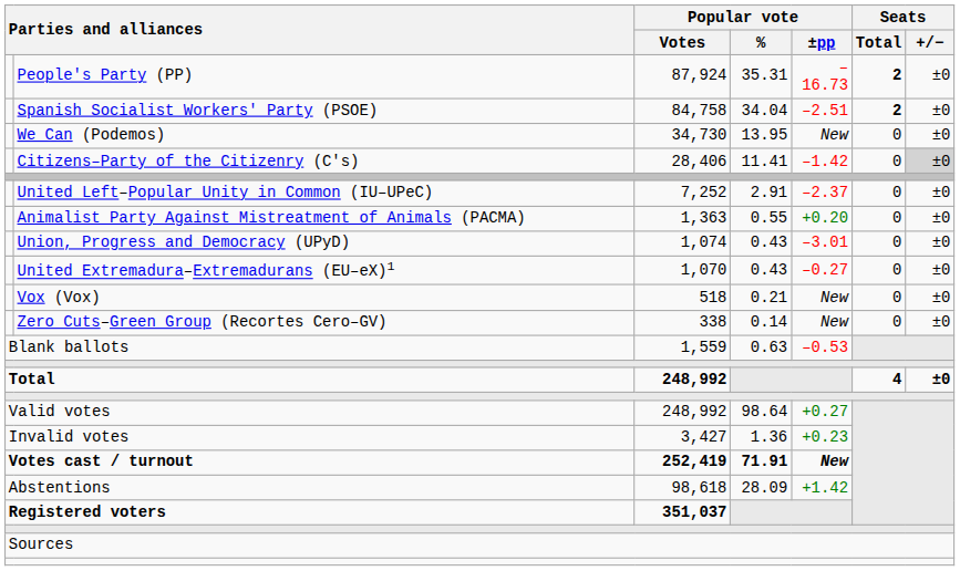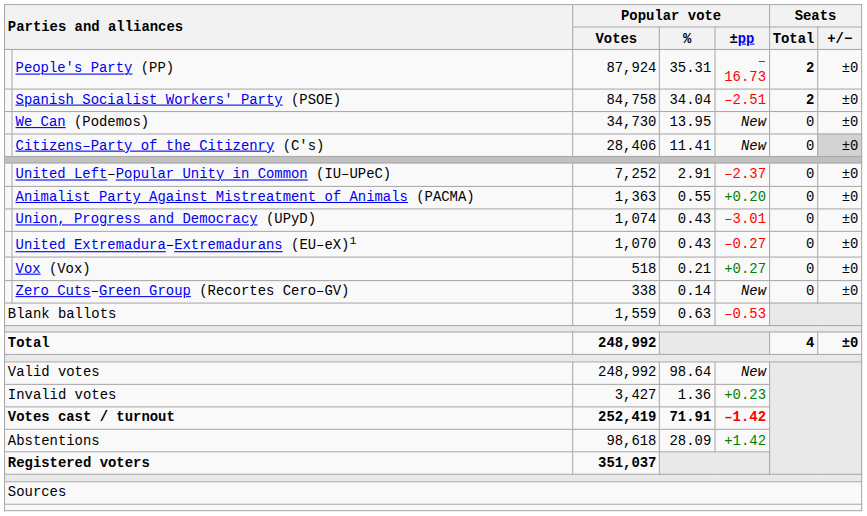 <table class="wikitable" style="text-align:right;">
 <tr>
 <th style="text-align:left;" rowspan="2" colspan="2" width="525">Parties and alliances</th>
 <th colspan="3">Popular vote</th>
 <th colspan="2">Seats</th>
 </tr>
 <tr>
 <th width="75">Votes</th>
 <th width="45">%</th>
 <th width="45">±<a href='#'>pp</a></th>
 <th width="35">Total</th>
 <th width="35">+/−</th>
 </tr>
 <tr>
 <td width="1" style="color:inherit;background:"></td>
 <td align="left"><a href='#'>People's Party</a> (PP)</td>
 <td>87,924</td>
 <td>35.31</td>
 <td style="color:red;">–16.73</td>
 <td><strong>2</strong></td>
 <td>±0</td>
 </tr>
 <tr>
 <td style="color:inherit;background:"></td>
 <td align="left"><a href='#'>Spanish Socialist Workers' Party</a> (PSOE)</td>
 <td>84,758</td>
 <td>34.04</td>
 <td style="color:red;">–2.51</td>
 <td><strong>2</strong></td>
 <td>±0</td>
 </tr>
 <tr>
 <td style="color:inherit;background:"></td>
 <td align="left"><a href='#'>We Can</a> (Podemos)</td>
 <td>34,730</td>
 <td>13.95</td>
 <td><em>New</em></td>
 <td>0</td>
 <td>±0</td>
 </tr>
 <tr>
 <td style="color:inherit;background:"></td>
 <td align="left"><a href='#'>Citizens–Party of the Citizenry</a> (C's)</td>
 <td>28,406</td>
 <td>11.41</td>
-<td style="color:red;">–1.42</td>
+<td><em>New</em></td>
 <td>0</td>
 <td style="background: lightgrey;">±0</td>
 </tr>
 <tr>
 <td colspan="7" bgcolor="#C0C0C0"></td>
 </tr>
 <tr>
 <td style="color:inherit;background:"></td>
 <td align="left"><a href='#'>United Left</a>–<a href='#'>Popular Unity in Common</a> (IU–UPeC)</td>
 <td>7,252</td>
 <td>2.91</td>
 <td style="color:red;">–2.37</td>
 <td>0</td>
 <td>±0</td>
 </tr>
 <tr>
 <td style="color:inherit;background:"></td>
 <td align="left"><a href='#'>Animalist Party Against Mistreatment of Animals</a> (PACMA)</td>
 <td>1,363</td>
 <td>0.55</td>
 <td style="color:green;">+0.20</td>
 <td>0</td>
 <td>±0</td>
 </tr>
 <tr>
 <td style="color:inherit;background:"></td>
 <td align="left"><a href='#'>Union, Progress and Democracy</a> (UPyD)</td>
 <td>1,074</td>
 <td>0.43</td>
 <td style="color:red;">–3.01</td>
 <td>0</td>
 <td>±0</td>
 </tr>
 <tr>
 <td style="color:inherit;background:"></td>
 <td align="left"><a href='#'>United Extremadura</a>–<a href='#'>Extremadurans</a> (EU–eX)<sup>1</sup></td>
 <td>1,070</td>
 <td>0.43</td>
 <td style="color:red;">–0.27</td>
 <td>0</td>
 <td>±0</td>
 </tr>
 <tr>
 <td style="color:inherit;background:"></td>
 <td align="left"><a href='#'>Vox</a> (Vox)</td>
 <td>518</td>
 <td>0.21</td>
-<td><em>New</em></td>
+<td style="color:green;">+0.27</td>
 <td>0</td>
 <td>±0</td>
 </tr>
 <tr>
 <td style="color:inherit;background:"></td>
 <td align="left"><a href='#'>Zero Cuts</a>–<a href='#'>Green Group</a> (Recortes Cero–GV)</td>
 <td>338</td>
 <td>0.14</td>
 <td><em>New</em></td>
 <td>0</td>
 <td>±0</td>
 </tr>
 <tr>
 <td align="left" colspan="2">Blank ballots</td>
 <td>1,559</td>
 <td>0.63</td>
 <td style="color:red;">–0.53</td>
 <td bgcolor="#E9E9E9" colspan="2"></td>
 </tr>
 <tr>
 <td colspan="7" bgcolor="#E9E9E9"></td>
 </tr>
 <tr style="font-weight:bold;">
 <td align="left" colspan="2">Total</td>
 <td>248,992</td>
 <td bgcolor="#E9E9E9" colspan="2"></td>
 <td>4</td>
 <td>±0</td>
 </tr>
 <tr>
 <td colspan="7" bgcolor="#E9E9E9"></td>
 </tr>
 <tr>
 <td align="left" colspan="2">Valid votes</td>
 <td>248,992</td>
 <td>98.64</td>
-<td style="color:green;">+0.27</td>
+<td><em>New</em></td>
 <td bgcolor="#E9E9E9" colspan="2" rowspan="5"></td>
 </tr>
 <tr>
 <td align="left" colspan="2">Invalid votes</td>
 <td>3,427</td>
 <td>1.36</td>
 <td style="color:green;">+0.23</td>
 </tr>
 <tr style="font-weight:bold;">
 <td align="left" colspan="2">Votes cast / turnout</td>
 <td>252,419</td>
 <td>71.91</td>
-<td><em>New</em></td>
+<td style="color:red;">–1.42</td>
 </tr>
 <tr>
 <td align="left" colspan="2">Abstentions</td>
 <td>98,618</td>
 <td>28.09</td>
 <td style="color:green;">+1.42</td>
 </tr>
 <tr style="font-weight:bold;">
 <td align="left" colspan="2">Registered voters</td>
 <td>351,037</td>
 <td bgcolor="#E9E9E9" colspan="2"></td>
 </tr>
 <tr>
 <td colspan="7" bgcolor="#E9E9E9"></td>
 </tr>
 <tr>
 <td align="left" colspan="7">Sources</td>
 </tr>
 <tr>
 <td colspan="7" style="text-align:left; max-width:790px;"></td>
 </tr>
 </table>
